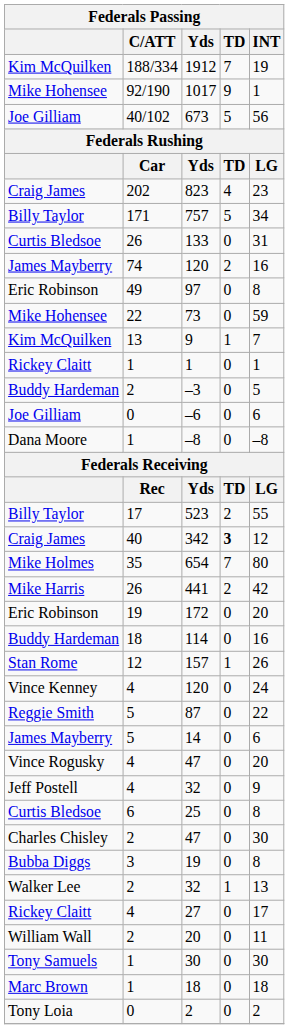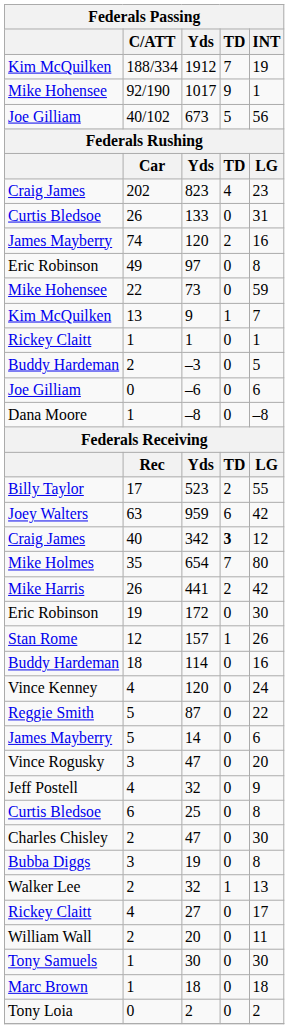 <table class="wikitable">
 <tr>
 <th colspan="5">Federals Passing</th>
 </tr>
 <tr>
 <th></th>
 <th>C/ATT</th>
 <th>Yds</th>
 <th>TD</th>
 <th>INT</th>
 </tr>
 <tr>
 <td><a href='#'>Kim McQuilken</a></td>
 <td>188/334</td>
 <td>1912</td>
 <td>7</td>
 <td>19</td>
 </tr>
 <tr>
 <td><a href='#'>Mike Hohensee</a></td>
 <td>92/190</td>
 <td>1017</td>
 <td>9</td>
 <td>1</td>
 </tr>
 <tr>
 <td><a href='#'>Joe Gilliam</a></td>
 <td>40/102</td>
 <td>673</td>
 <td>5</td>
 <td>56</td>
 </tr>
 <tr>
 <th colspan="5">Federals Rushing</th>
 </tr>
 <tr>
 <th></th>
 <th>Car</th>
 <th>Yds</th>
 <th>TD</th>
 <th>LG</th>
 </tr>
 <tr>
 <td><a href='#'>Craig James</a></td>
 <td>202</td>
 <td>823</td>
 <td>4</td>
 <td>23</td>
-</tr>
-<tr>
-<td><a href='#'>Billy Taylor</a></td>
-<td>171</td>
-<td>757</td>
-<td>5</td>
-<td>34</td>
 </tr>
 <tr>
 <td><a href='#'>Curtis Bledsoe</a></td>
 <td>26</td>
 <td>133</td>
 <td>0</td>
 <td>31</td>
 </tr>
 <tr>
 <td><a href='#'>James Mayberry</a></td>
 <td>74</td>
 <td>120</td>
 <td>2</td>
 <td>16</td>
 </tr>
 <tr>
 <td>Eric Robinson</td>
 <td>49</td>
 <td>97</td>
 <td>0</td>
 <td>8</td>
 </tr>
 <tr>
 <td><a href='#'>Mike Hohensee</a></td>
 <td>22</td>
 <td>73</td>
 <td>0</td>
 <td>59</td>
 </tr>
 <tr>
 <td><a href='#'>Kim McQuilken</a></td>
 <td>13</td>
 <td>9</td>
 <td>1</td>
 <td>7</td>
 </tr>
 <tr>
 <td><a href='#'>Rickey Claitt</a></td>
 <td>1</td>
 <td>1</td>
 <td>0</td>
 <td>1</td>
 </tr>
 <tr>
 <td><a href='#'>Buddy Hardeman</a></td>
 <td>2</td>
 <td>–3</td>
 <td>0</td>
 <td>5</td>
 </tr>
 <tr>
 <td><a href='#'>Joe Gilliam</a></td>
 <td>0</td>
 <td>–6</td>
 <td>0</td>
 <td>6</td>
 </tr>
 <tr>
 <td>Dana Moore</td>
 <td>1</td>
 <td>–8</td>
 <td>0</td>
 <td>–8</td>
 </tr>
 <tr>
 <th colspan="5">Federals Receiving</th>
 </tr>
 <tr>
 <th></th>
 <th>Rec</th>
 <th>Yds</th>
 <th>TD</th>
 <th>LG</th>
 </tr>
 <tr>
 <td><a href='#'>Billy Taylor</a></td>
 <td>17</td>
 <td>523</td>
 <td>2</td>
 <td>55</td>
 </tr>
 <tr>
+<td><a href='#'>Joey Walters</a></td>
+<td>63</td>
+<td>959</td>
+<td>6</td>
+<td>42</td>
+</tr>
+<tr>
 <td><a href='#'>Craig James</a></td>
 <td>40</td>
 <td>342</td>
 <td><strong>3</strong></td>
 <td>12</td>
 </tr>
 <tr>
 <td><a href='#'>Mike Holmes</a></td>
 <td>35</td>
 <td>654</td>
 <td>7</td>
 <td>80</td>
 </tr>
 <tr>
 <td><a href='#'>Mike Harris</a></td>
 <td>26</td>
 <td>441</td>
 <td>2</td>
 <td>42</td>
 </tr>
 <tr>
 <td>Eric Robinson</td>
 <td>19</td>
 <td>172</td>
 <td>0</td>
-<td>20</td>
+<td>30</td>
+</tr>
+<tr>
+<td><a href='#'>Stan Rome</a></td>
+<td>12</td>
+<td>157</td>
+<td>1</td>
+<td>26</td>
 </tr>
 <tr>
 <td><a href='#'>Buddy Hardeman</a></td>
 <td>18</td>
 <td>114</td>
 <td>0</td>
 <td>16</td>
-</tr>
-<tr>
-<td><a href='#'>Stan Rome</a></td>
-<td>12</td>
-<td>157</td>
-<td>1</td>
-<td>26</td>
 </tr>
 <tr>
 <td>Vince Kenney</td>
 <td>4</td>
 <td>120</td>
 <td>0</td>
 <td>24</td>
 </tr>
 <tr>
 <td><a href='#'>Reggie Smith</a></td>
 <td>5</td>
 <td>87</td>
 <td>0</td>
 <td>22</td>
 </tr>
 <tr>
 <td><a href='#'>James Mayberry</a></td>
 <td>5</td>
 <td>14</td>
 <td>0</td>
 <td>6</td>
 </tr>
 <tr>
 <td>Vince Rogusky</td>
-<td>4</td>
+<td>3</td>
 <td>47</td>
 <td>0</td>
 <td>20</td>
 </tr>
 <tr>
 <td>Jeff Postell</td>
 <td>4</td>
 <td>32</td>
 <td>0</td>
 <td>9</td>
 </tr>
 <tr>
 <td><a href='#'>Curtis Bledsoe</a></td>
 <td>6</td>
 <td>25</td>
 <td>0</td>
 <td>8</td>
 </tr>
 <tr>
 <td>Charles Chisley</td>
 <td>2</td>
 <td>47</td>
 <td>0</td>
 <td>30</td>
 </tr>
 <tr>
 <td><a href='#'>Bubba Diggs</a></td>
 <td>3</td>
 <td>19</td>
 <td>0</td>
 <td>8</td>
 </tr>
 <tr>
 <td>Walker Lee</td>
 <td>2</td>
 <td>32</td>
 <td>1</td>
 <td>13</td>
 </tr>
 <tr>
 <td><a href='#'>Rickey Claitt</a></td>
 <td>4</td>
 <td>27</td>
 <td>0</td>
 <td>17</td>
 </tr>
 <tr>
 <td>William Wall</td>
 <td>2</td>
 <td>20</td>
 <td>0</td>
 <td>11</td>
 </tr>
 <tr>
 <td><a href='#'>Tony Samuels</a></td>
 <td>1</td>
 <td>30</td>
 <td>0</td>
 <td>30</td>
 </tr>
 <tr>
 <td><a href='#'>Marc Brown</a></td>
 <td>1</td>
 <td>18</td>
 <td>0</td>
 <td>18</td>
 </tr>
 <tr>
 <td>Tony Loia</td>
 <td>0</td>
 <td>2</td>
 <td>0</td>
 <td>2</td>
 </tr>
 <tr>
 </tr>
 </table>
